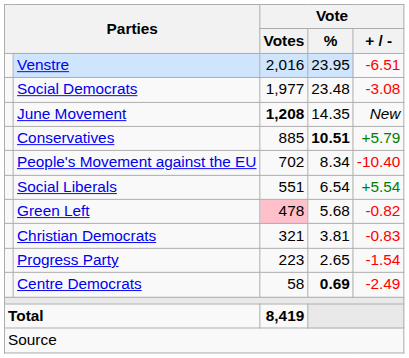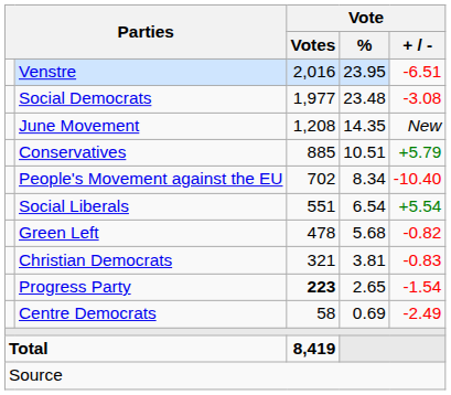 <table class="wikitable" style="text-align:right;">
 <tr>
 <th style="text-align:centre;" rowspan="2" colspan="2" width="225">Parties</th>
 <th colspan="3">Vote</th>
 </tr>
 <tr>
 <th width="15">Votes</th>
 <th width="15">%</th>
 <th width="15">+ / -</th>
 </tr>
 <tr>
 <td width="2" style="color:inherit;background:"></td>
 <td bgcolor=#cfe5fe   align="left"><a href='#'>Venstre</a></td>
 <td bgcolor=#cfe5fe>2,016</td>
 <td bgcolor=#cfe5fe>23.95</td>
 <td style=color:red;>-6.51</td>
 </tr>
 <tr>
 <td width="2" style="color:inherit;background:"></td>
 <td align="left"><a href='#'>Social Democrats</a></td>
 <td>1,977</td>
 <td>23.48</td>
 <td style=color:red;>-3.08</td>
 </tr>
 <tr>
 <td width="2" style="color:inherit;background:"></td>
 <td align="left"><a href='#'>June Movement</a></td>
-<td><strong>1,208</strong></td>
+<td>1,208</td>
 <td>14.35</td>
 <td><em>New</em></td>
 </tr>
 <tr>
 <td width="2" style="color:inherit;background:"></td>
 <td align="left"><a href='#'>Conservatives</a></td>
 <td>885</td>
-<td><strong>10.51</strong></td>
+<td>10.51</td>
 <td style=color:green;>+5.79</td>
 </tr>
 <tr>
 <td width="2" style="color:inherit;background:"></td>
 <td align="left"><a href='#'>People's Movement against the EU</a></td>
 <td>702</td>
 <td>8.34</td>
 <td style=color:red;>-10.40</td>
 </tr>
 <tr>
 <td width="2" style="color:inherit;background:"></td>
 <td align="left"><a href='#'>Social Liberals</a></td>
 <td>551</td>
 <td>6.54</td>
 <td style=color:green;>+5.54</td>
 </tr>
 <tr>
 <td width="2" style="color:inherit;background:"></td>
 <td align="left"><a href='#'>Green Left</a></td>
-<td style="background: pink;">478</td>
+<td>478</td>
 <td>5.68</td>
 <td style=color:red;>-0.82</td>
 </tr>
 <tr>
 <td width="2" style="color:inherit;background:"></td>
 <td align="left"><a href='#'>Christian Democrats</a></td>
 <td>321</td>
 <td>3.81</td>
 <td style=color:red;>-0.83</td>
 </tr>
 <tr>
 <td width="2" style="color:inherit;background:"></td>
 <td align="left"><a href='#'>Progress Party</a></td>
-<td>223</td>
+<td><strong>223</strong></td>
 <td>2.65</td>
 <td style=color:red;>-1.54</td>
 </tr>
 <tr>
 <td width="2" style="color:inherit;background:"></td>
 <td align="left"><a href='#'>Centre Democrats</a></td>
 <td>58</td>
-<td><strong>0.69</strong></td>
+<td>0.69</td>
 <td style=color:red;>-2.49</td>
 </tr>
 <tr>
 <td colspan="7" bgcolor="#E9E9E9"></td>
 </tr>
 <tr>
 <td align="left" colspan="2"><strong>Total</strong></td>
 <td><strong>8,419</strong></td>
 <td bgcolor="#E9E9E9" colspan="2"></td>
 </tr>
 <tr>
 <td align="left" colspan="6">Source</td>
 </tr>
 </table>
